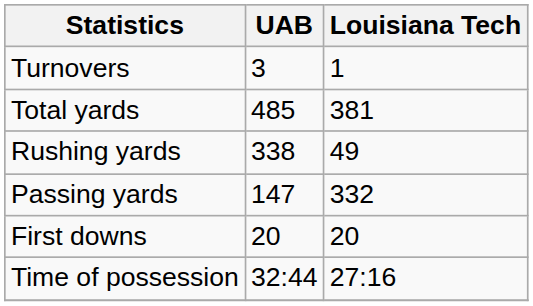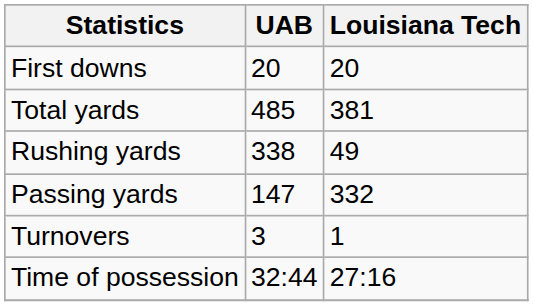 <table class="wikitable">
 <tr>
 <th>Statistics</th>
 <th>UAB</th>
 <th>Louisiana Tech</th>
 </tr>
 <tr>
-<td>Turnovers</td>
-<td>3</td>
-<td>1</td>
+<td>First downs</td>
+<td>20</td>
+<td>20</td>
 </tr>
 <tr>
 <td>Total yards</td>
 <td>485</td>
 <td>381</td>
 </tr>
 <tr>
 <td>Rushing yards</td>
 <td>338</td>
 <td>49</td>
 </tr>
 <tr>
 <td>Passing yards</td>
 <td>147</td>
 <td>332</td>
 </tr>
 <tr>
-<td>First downs</td>
-<td>20</td>
-<td>20</td>
+<td>Turnovers</td>
+<td>3</td>
+<td>1</td>
 </tr>
 <tr>
 <td>Time of possession</td>
 <td>32:44</td>
 <td>27:16</td>
 </tr>
 <tr>
 </tr>
 </table>
